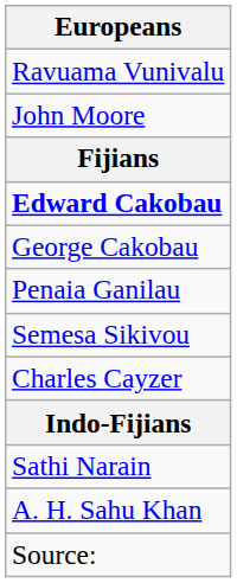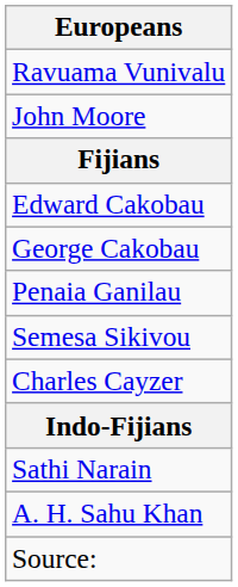 <table class=wikitable>
 <tr>
 <th>Europeans</th>
 </tr>
 <tr>
 <td><a href='#'>Ravuama Vunivalu</a></td>
 </tr>
 <tr>
 <td><a href='#'>John Moore</a></td>
 </tr>
 <tr>
 <th>Fijians</th>
 </tr>
 <tr>
-<td><strong><a href='#'>Edward Cakobau</a></strong></td>
+<td><a href='#'>Edward Cakobau</a></td>
 </tr>
 <tr>
 <td><a href='#'>George Cakobau</a></td>
 </tr>
 <tr>
 <td><a href='#'>Penaia Ganilau</a></td>
 </tr>
 <tr>
 <td><a href='#'>Semesa Sikivou</a></td>
 </tr>
 <tr>
 <td><a href='#'>Charles Cayzer</a></td>
 </tr>
 <tr>
 <th>Indo-Fijians</th>
 </tr>
 <tr>
 <td><a href='#'>Sathi Narain</a></td>
 </tr>
 <tr>
 <td><a href='#'>A. H. Sahu Khan</a></td>
 </tr>
 <tr>
 <td>Source: </td>
 </tr>
 </table>
